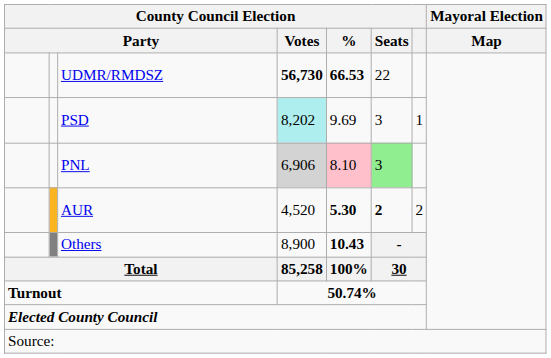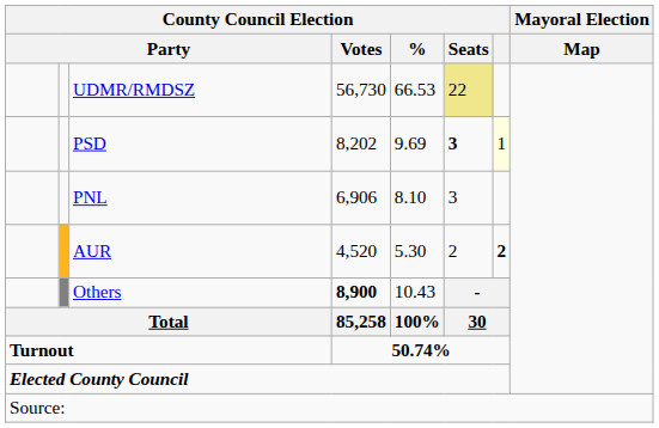 <table class="wikitable" style="text-align:left">
 <tr>
 <th colspan="7">County Council Election</th>
 <th>Mayoral Election</th>
 </tr>
 <tr>
 <th colspan="3" width="280">Party</th>
 <th>Votes</th>
 <th>%</th>
 <th>Seats</th>
 <th></th>
 <th>Map</th>
 </tr>
 <tr>
 <td width="40" height="40"></td>
 <td width="1" style="color:inherit;background:"></td>
 <td align="left"><a href='#'>UDMR/RMDSZ</a></td>
-<td><strong>56,730</strong></td>
-<td><strong>66.53</strong></td>
-<td>22</td>
+<td>56,730</td>
+<td>66.53</td>
+<td style="background: khaki;">22</td>
 <td></td>
 <td rowspan="8"></td>
 </tr>
 <tr>
 <td height="40"></td>
 <td style="color:inherit;background:"></td>
 <td align="left"><a href='#'>PSD</a></td>
-<td style="background: paleturquoise;">8,202</td>
+<td>8,202</td>
 <td>9.69</td>
-<td>3</td>
-<td>1</td>
+<td><strong>3</strong></td>
+<td style="background: lightyellow;">1</td>
 </tr>
 <tr>
 <td height="40"></td>
 <td style="color:inherit;background:"></td>
 <td align="left"><a href='#'>PNL</a></td>
-<td style="background: lightgrey;">6,906</td>
-<td style="background: pink;">8.10</td>
-<td style="background: lightgreen;">3</td>
+<td>6,906</td>
+<td>8.10</td>
+<td>3</td>
 <td></td>
 </tr>
 <tr>
 <td height="40"></td>
 <td style="background:#FCB521;"></td>
 <td align="left"><a href='#'>AUR</a></td>
 <td>4,520</td>
-<td><strong>5.30</strong></td>
+<td>5.30</td>
+<td>2</td>
 <td><strong>2</strong></td>
-<td>2</td>
 </tr>
 <tr>
 <td></td>
 <td style="background-color:Grey "></td>
 <td align="left"><a href='#'>Others</a></td>
-<td>8,900</td>
-<td><strong>10.43</strong></td>
+<td><strong>8,900</strong></td>
+<td>10.43</td>
 <th colspan="2">-</th>
 </tr>
 <tr>
 <th colspan="3"><strong><u>Total</u></strong></th>
 <th style="text-align:left">85,258</th>
 <th style="text-align:left">100%</th>
 <th colspan="2"><strong><u>30</u></strong></th>
 </tr>
 <tr>
 <td colspan="3"><strong>Turnout</strong></td>
 <td colspan="4" style="text-align: center"><strong>50.74%</strong></td>
 </tr>
 <tr>
 <td colspan="7"><strong><em>Elected County Council</em></strong></td>
 </tr>
 <tr>
 <td colspan="8">Source: </td>
 </tr>
 </table>
